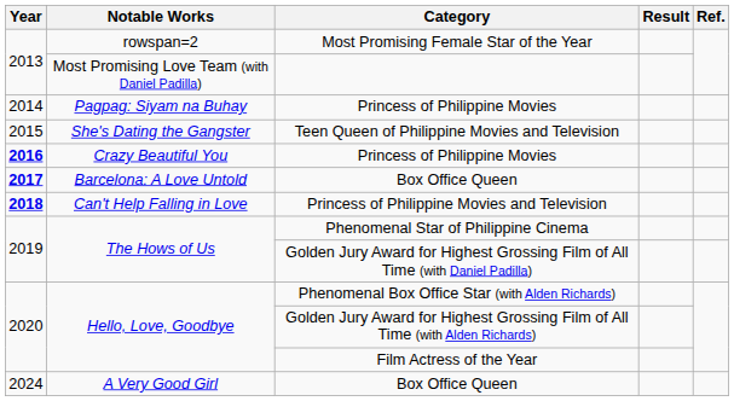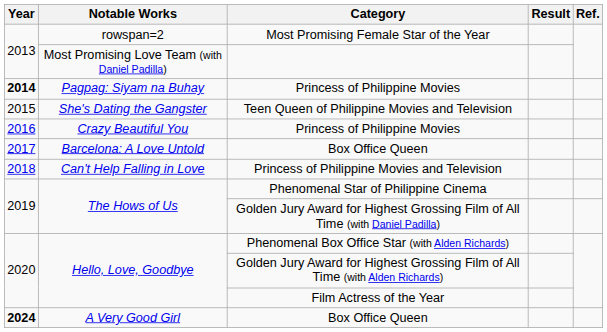 <table class="wikitable sortable"  style="text-align:center; width:60%;">
 <tr>
 <th>Year</th>
 <th>Notable Works</th>
 <th>Category</th>
 <th>Result</th>
 <th>Ref.</th>
 </tr>
 <tr>
 <td rowspan=2>2013</td>
 <td>rowspan=2 </td>
 <td>Most Promising Female Star of the Year</td>
 <td></td>
 <td rowspan=2></td>
 </tr>
 <tr>
 <td>Most Promising Love Team <small>(with <a href='#'>Daniel Padilla</a>)</small></td>
 <td></td>
 </tr>
 <tr>
-<td>2014</td>
+<td><strong>2014</strong></td>
 <td><em><a href='#'>Pagpag: Siyam na Buhay</a></em></td>
 <td>Princess of Philippine Movies</td>
 <td></td>
 <td></td>
 </tr>
 <tr>
 <td>2015</td>
 <td><em><a href='#'>She's Dating the Gangster</a></em></td>
 <td>Teen Queen of Philippine Movies and Television</td>
 <td></td>
 <td></td>
 </tr>
 <tr>
-<td><strong><a href='#'>2016</a></strong></td>
+<td><a href='#'>2016</a></td>
 <td><em><a href='#'>Crazy Beautiful You</a></em></td>
 <td>Princess of Philippine Movies</td>
 <td></td>
 <td></td>
 </tr>
 <tr>
-<td><strong><a href='#'>2017</a></strong></td>
+<td><a href='#'>2017</a></td>
 <td><em><a href='#'>Barcelona: A Love Untold</a></em></td>
 <td>Box Office Queen</td>
 <td></td>
 <td></td>
 </tr>
 <tr>
-<td><strong><a href='#'>2018</a></strong></td>
+<td><a href='#'>2018</a></td>
 <td><em><a href='#'>Can't Help Falling in Love</a></em></td>
 <td>Princess of Philippine Movies and Television</td>
 <td></td>
 <td></td>
 </tr>
 <tr>
 <td rowspan="2">2019</td>
 <td rowspan="2"><em><a href='#'>The Hows of Us</a></em></td>
 <td>Phenomenal Star of Philippine Cinema</td>
 <td></td>
 <td></td>
 </tr>
 <tr>
 <td>Golden Jury Award for Highest Grossing Film of All Time <small>(with <a href='#'>Daniel Padilla</a>)</small></td>
 <td></td>
 <td></td>
 </tr>
 <tr>
 <td rowspan="3">2020</td>
 <td rowspan="3"><em><a href='#'>Hello, Love, Goodbye</a></em></td>
 <td>Phenomenal Box Office Star <small> (with <a href='#'>Alden Richards</a>)</small></td>
 <td></td>
 <td rowspan="3"></td>
 </tr>
 <tr>
 <td>Golden Jury Award for Highest Grossing Film of All Time <small>(with <a href='#'>Alden Richards</a>)</small></td>
 <td></td>
 </tr>
 <tr>
 <td>Film Actress of the Year</td>
 <td></td>
 </tr>
 <tr>
-<td>2024</td>
+<td><strong>2024</strong></td>
 <td><em><a href='#'>A Very Good Girl</a></em></td>
 <td>Box Office Queen</td>
 <td></td>
 <td></td>
 </tr>
 </table>
